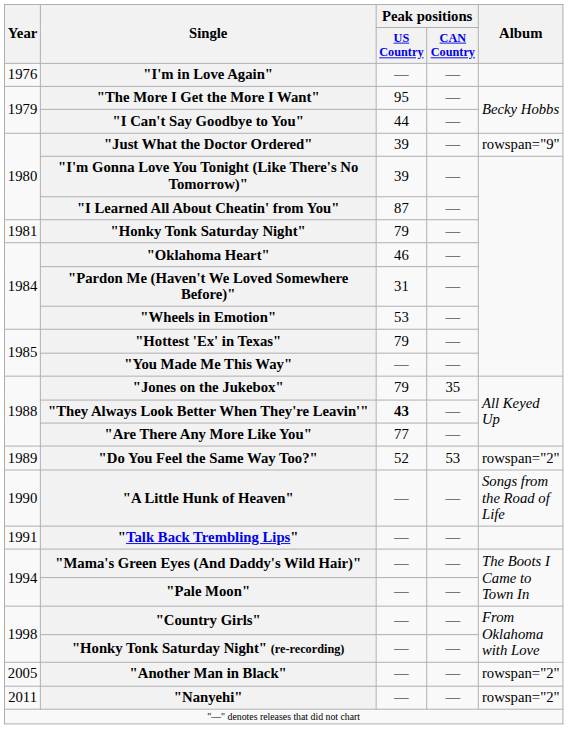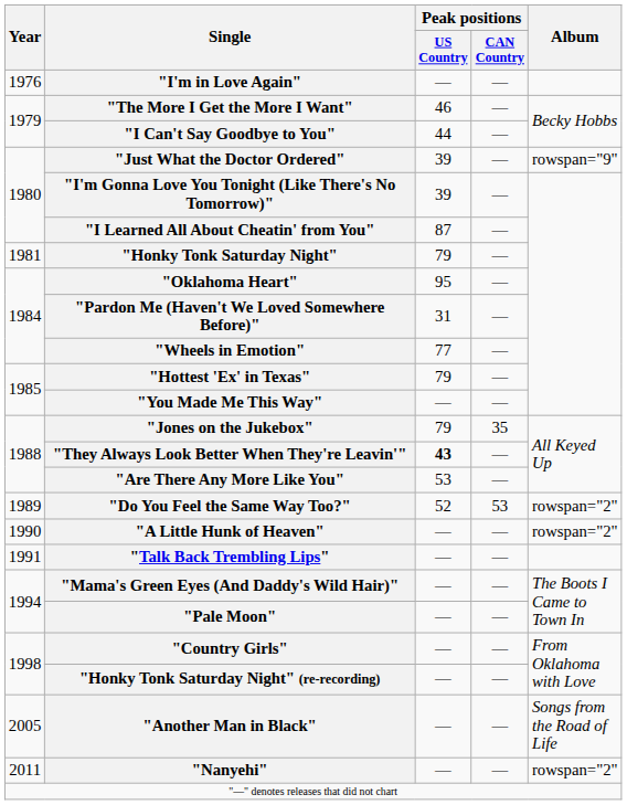 <table class="wikitable plainrowheaders" style="text-align:center;">
 <tr>
 <th rowspan="2">Year</th>
 <th rowspan="2" style="width:27em;">Single</th>
 <th colspan="2">Peak positions</th>
 <th rowspan="2">Album</th>
 </tr>
 <tr style="font-size:smaller;">
 <th width="50"><a href='#'>US Country</a></th>
 <th width="50"><a href='#'>CAN Country</a></th>
 </tr>
 <tr>
 <td>1976</td>
 <th scope="row">"I'm in Love Again"</th>
 <td>—</td>
 <td>—</td>
 <td></td>
 </tr>
 <tr>
 <td rowspan=2>1979</td>
 <th scope="row">"The More I Get the More I Want"</th>
-<td>95</td>
+<td>46</td>
 <td>—</td>
 <td align="left" rowspan="2"><em>Becky Hobbs</em></td>
 </tr>
 <tr>
 <th scope="row">"I Can't Say Goodbye to You"</th>
 <td>44</td>
 <td>—</td>
 </tr>
 <tr>
 <td rowspan="3">1980</td>
 <th scope="row">"Just What the Doctor Ordered"</th>
 <td>39</td>
 <td>—</td>
 <td>rowspan="9" </td>
 </tr>
 <tr>
 <th scope="row">"I'm Gonna Love You Tonight (Like There's No Tomorrow)"</th>
 <td>39</td>
 <td>—</td>
 </tr>
 <tr>
 <th scope="row">"I Learned All About Cheatin' from You"</th>
 <td>87</td>
 <td>—</td>
 </tr>
 <tr>
 <td>1981</td>
 <th scope="row">"Honky Tonk Saturday Night"</th>
 <td>79</td>
 <td>—</td>
 </tr>
 <tr>
 <td rowspan="3">1984</td>
 <th scope="row">"Oklahoma Heart"</th>
-<td>46</td>
+<td>95</td>
 <td>—</td>
 </tr>
 <tr>
 <th scope="row">"Pardon Me (Haven't We Loved Somewhere Before)"</th>
 <td>31</td>
 <td>—</td>
 </tr>
 <tr>
 <th scope="row">"Wheels in Emotion"</th>
-<td>53</td>
+<td>77</td>
 <td>—</td>
 </tr>
 <tr>
 <td rowspan="2">1985</td>
 <th scope="row">"Hottest 'Ex' in Texas"</th>
 <td>79</td>
 <td>—</td>
 </tr>
 <tr>
 <th scope="row">"You Made Me This Way"</th>
 <td>—</td>
 <td>—</td>
 </tr>
 <tr>
 <td rowspan="3">1988</td>
 <th scope="row">"Jones on the Jukebox"</th>
 <td>79</td>
 <td>35</td>
 <td align="left" rowspan="3"><em>All Keyed Up</em></td>
 </tr>
 <tr>
 <th scope="row">"They Always Look Better When They're Leavin'"</th>
 <td><strong>43</strong></td>
 <td>—</td>
 </tr>
 <tr>
 <th scope="row">"Are There Any More Like You"</th>
-<td>77</td>
+<td>53</td>
 <td>—</td>
 </tr>
 <tr>
 <td>1989</td>
 <th scope="row">"Do You Feel the Same Way Too?"</th>
 <td>52</td>
 <td>53</td>
 <td>rowspan="2" </td>
 </tr>
 <tr>
 <td>1990</td>
 <th scope="row">"A Little Hunk of Heaven"</th>
 <td>—</td>
 <td>—</td>
-<td align="left"><em>Songs from the Road of Life</em></td>
+<td>rowspan="2" </td>
 </tr>
 <tr>
 <td>1991</td>
 <th scope="row">"<a href='#'>Talk Back Trembling Lips</a>"</th>
 <td>—</td>
 <td>—</td>
 </tr>
 <tr>
 <td rowspan="2">1994</td>
 <th scope="row">"Mama's Green Eyes (And Daddy's Wild Hair)"</th>
 <td>—</td>
 <td>—</td>
 <td align="left" rowspan="2"><em>The Boots I Came to Town In</em></td>
 </tr>
 <tr>
 <th scope="row">"Pale Moon"</th>
 <td>—</td>
 <td>—</td>
 </tr>
 <tr>
 <td rowspan="2">1998</td>
 <th scope="row">"Country Girls"</th>
 <td>—</td>
 <td>—</td>
 <td align="left" rowspan="2"><em>From Oklahoma with Love</em></td>
 </tr>
 <tr>
 <th scope="row">"Honky Tonk Saturday Night" <small>(re-recording)</small></th>
 <td>—</td>
 <td>—</td>
 </tr>
 <tr>
 <td>2005</td>
 <th scope="row">"Another Man in Black"</th>
 <td>—</td>
 <td>—</td>
-<td>rowspan="2" </td>
+<td align="left"><em>Songs from the Road of Life</em></td>
 </tr>
 <tr>
 <td>2011</td>
 <th scope="row">"Nanyehi"</th>
 <td>—</td>
 <td>—</td>
 <td>rowspan="2" </td>
 </tr>
 <tr>
 <td colspan="5" style="font-size:8pt">"—" denotes releases that did not chart</td>
 </tr>
 </table>
